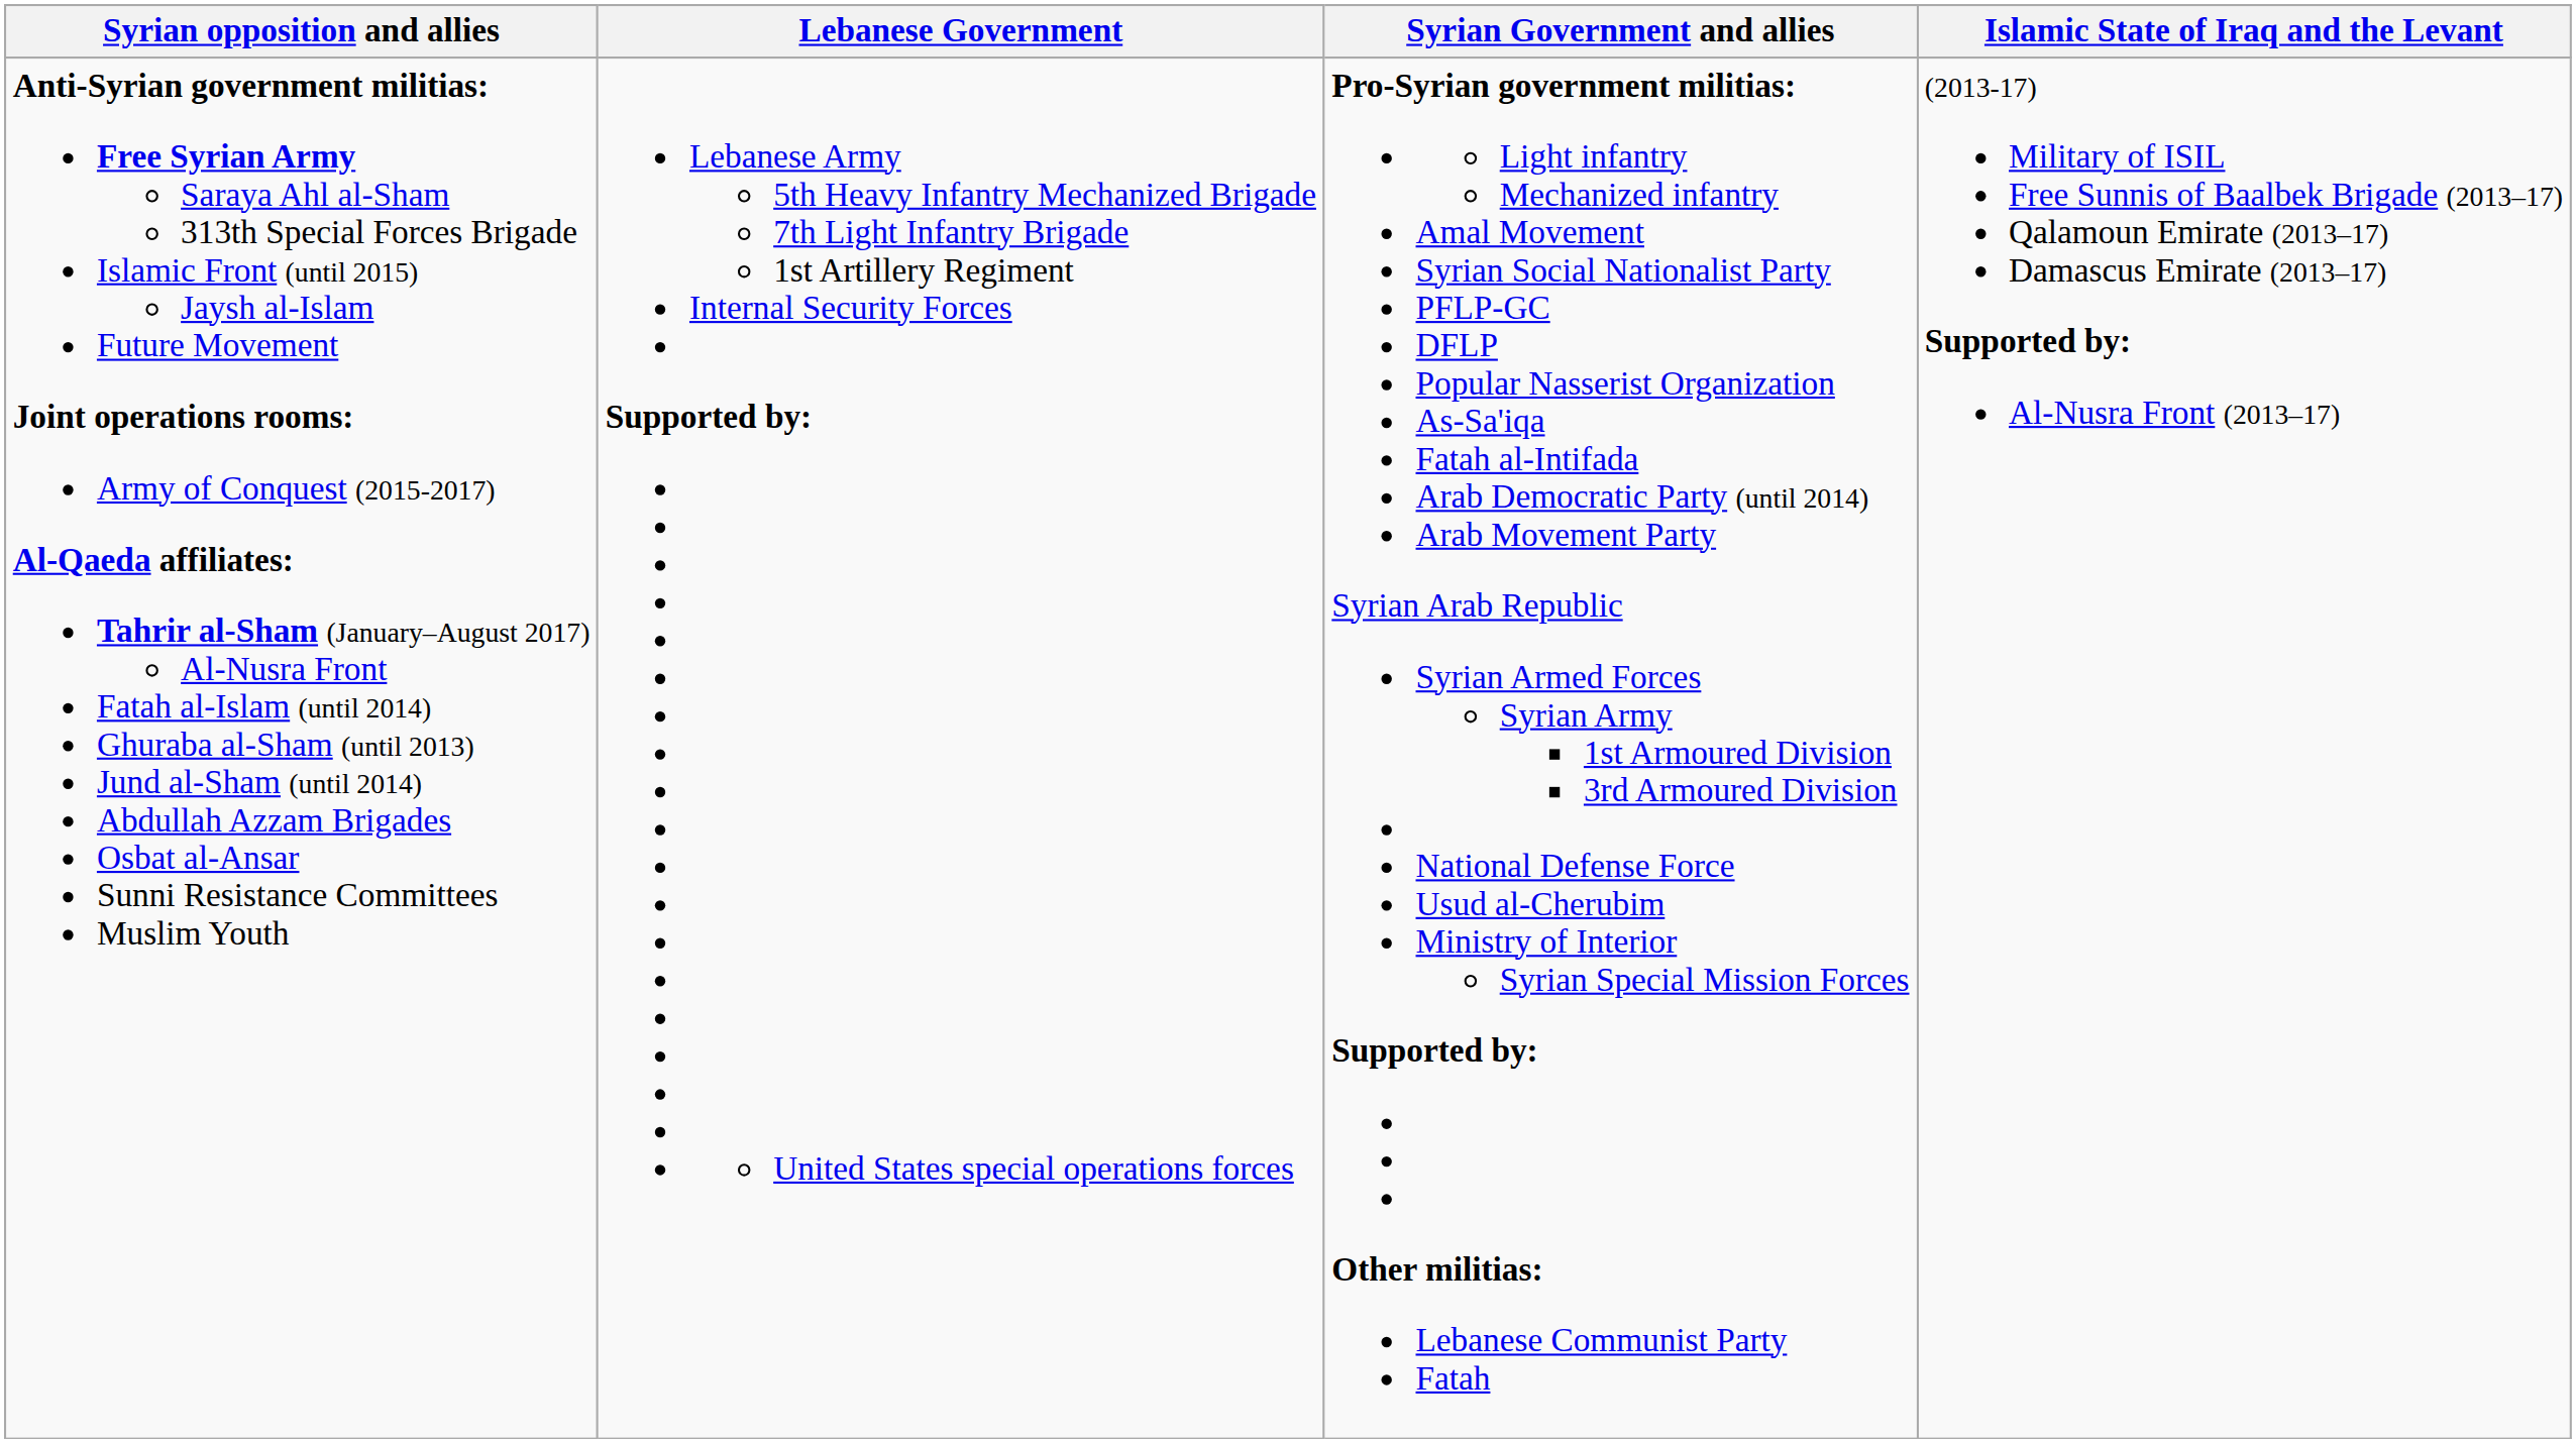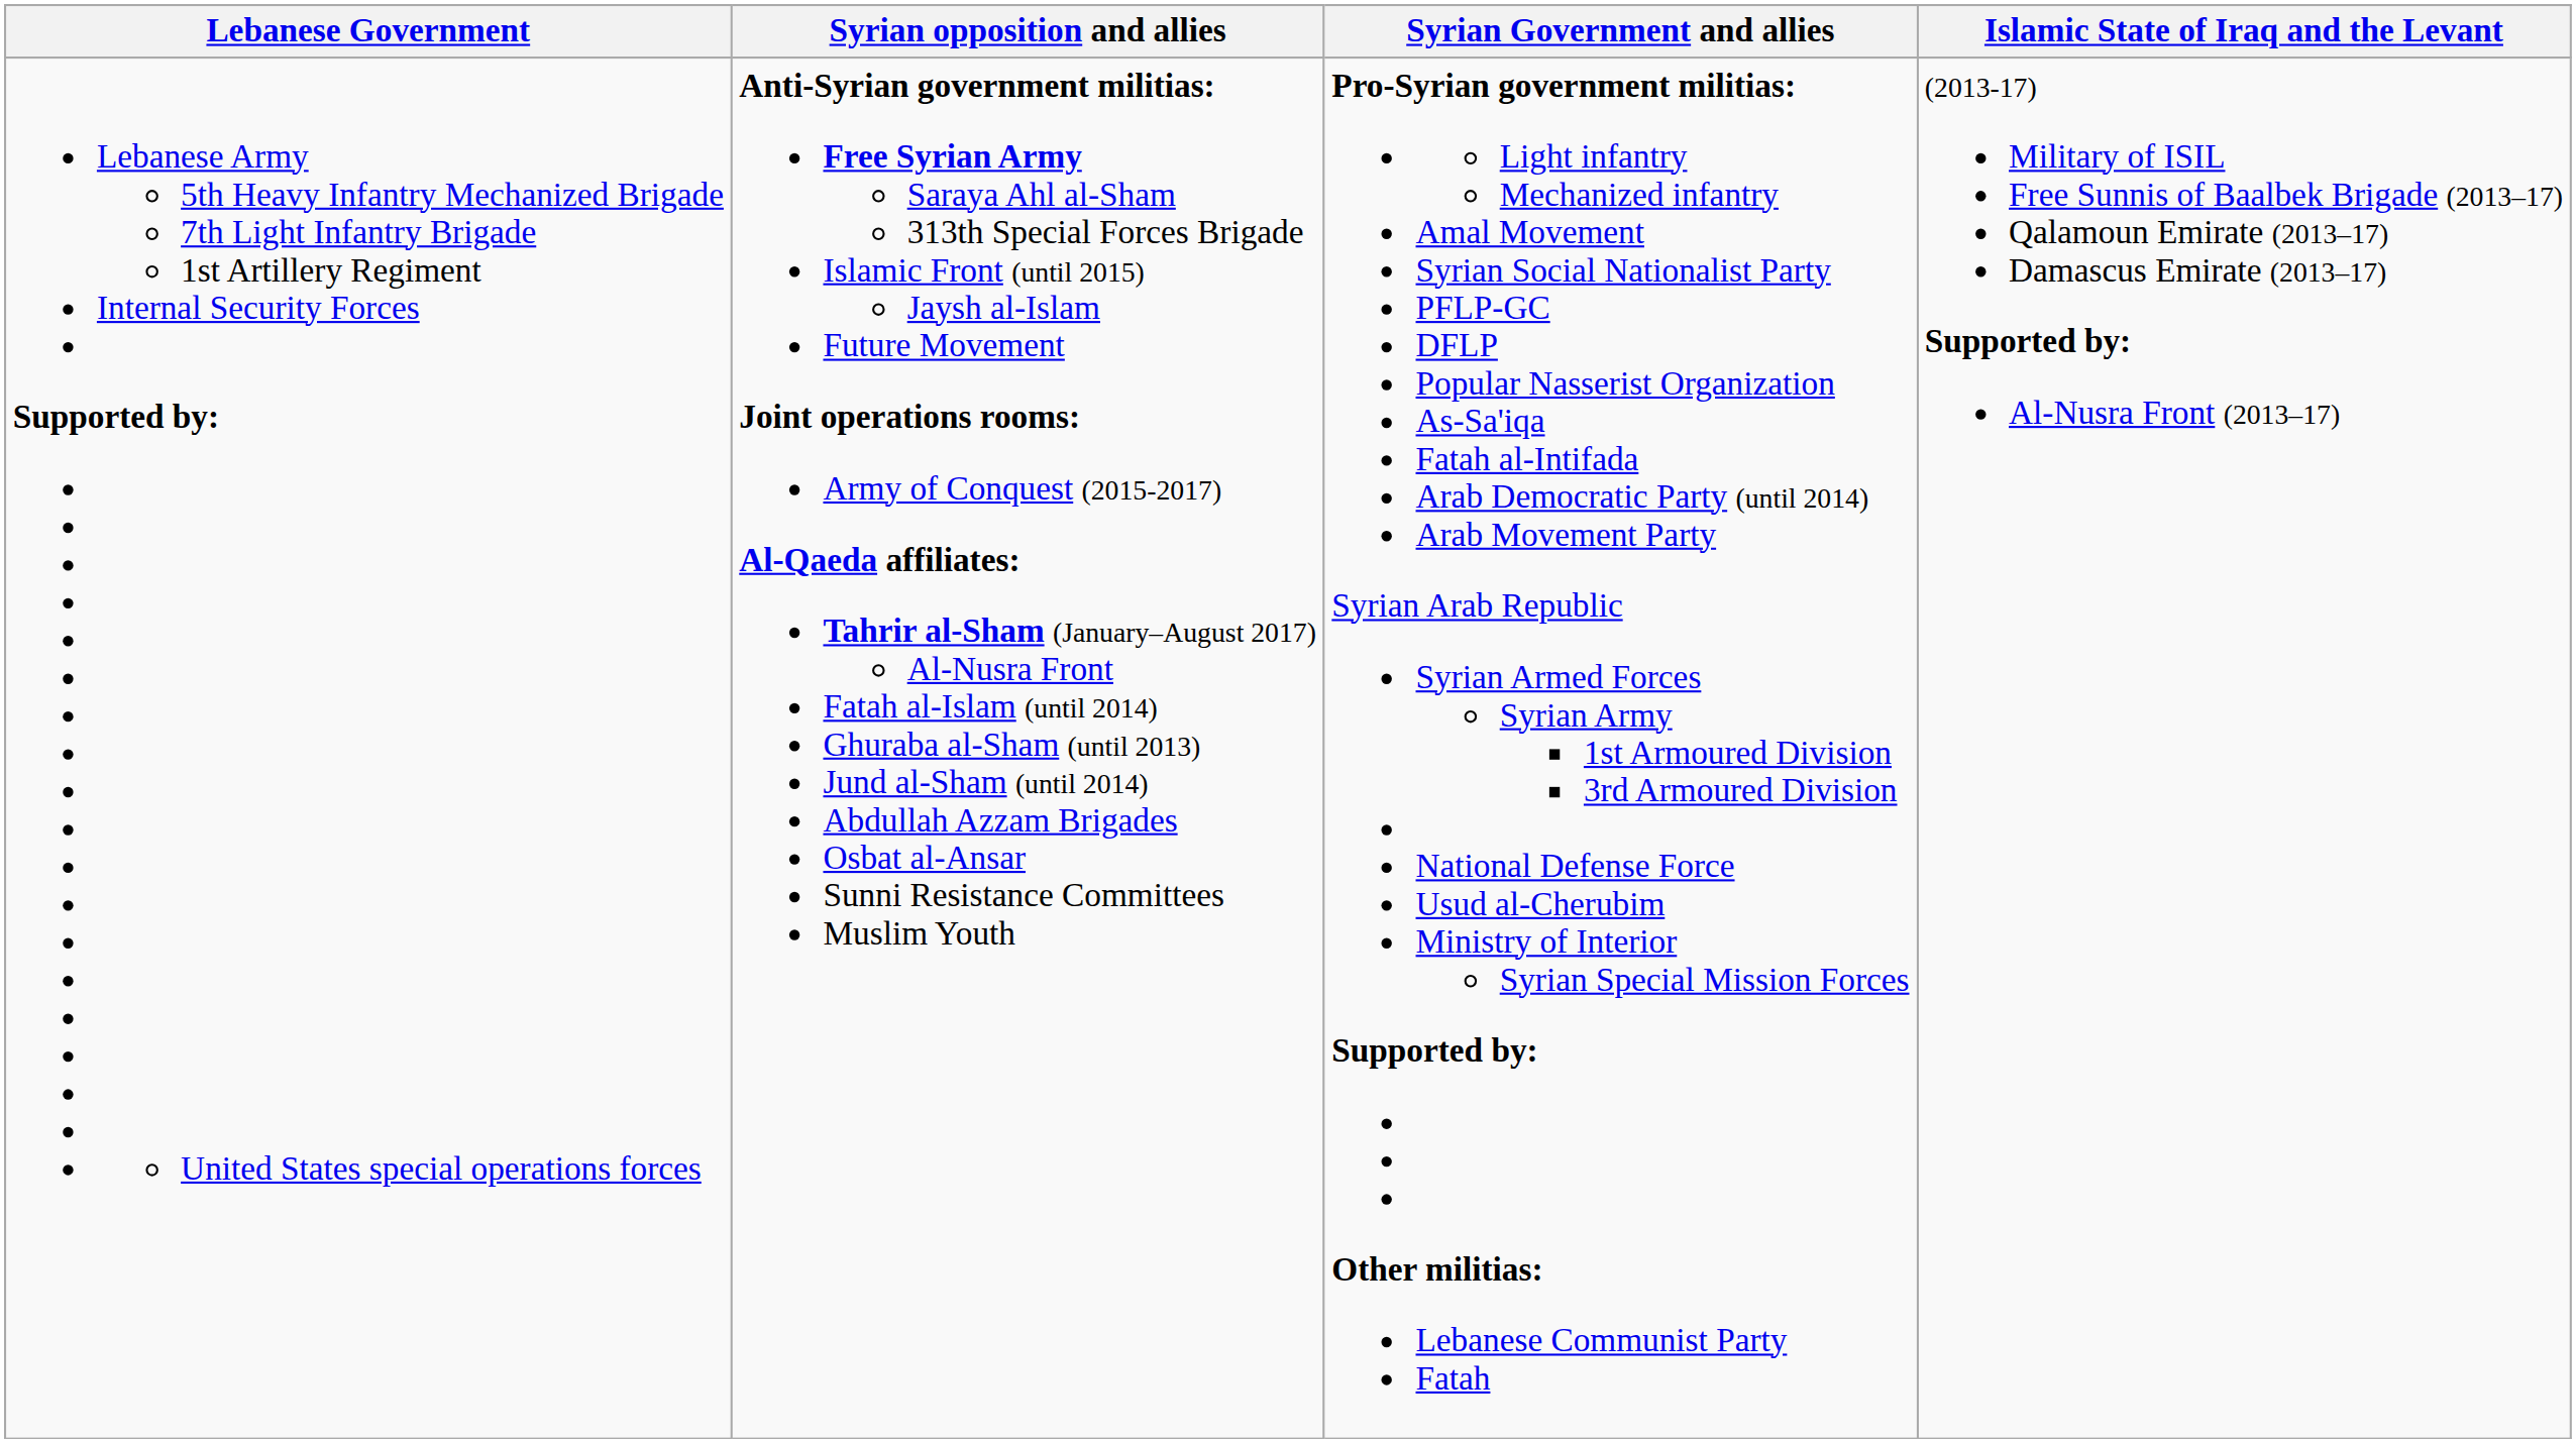 <table class="wikitable">
 <tr>
+<th> <a href='#'>Lebanese Government</a></th>
 <th> <a href='#'>Syrian opposition</a> and allies</th>
-<th> <a href='#'>Lebanese Government</a></th>
 <th> <a href='#'>Syrian Government</a> and allies</th>
 <th> <a href='#'>Islamic State of Iraq and the Levant</a></th>
 </tr>
 <tr>
+<td valign=top><br><ul><li> <a href='#'>Lebanese Army</a><ul><li><a href='#'>5th Heavy Infantry Mechanized Brigade</a></li><li><a href='#'>7th Light Infantry Brigade</a></li><li>1st Artillery Regiment</li></ul></li><li><a href='#'>Internal Security Forces</a></li><li></li></ul><strong>Supported by:</strong><ul><li></li><li></li><li></li><li></li><li></li><li></li><li></li><li></li><li></li><li></li><li></li><li></li><li></li><li></li><li></li><li></li><li></li><li></li><li><ul><li> <a href='#'>United States special operations forces</a></li></ul></li></ul></td>
 <td valign=top> <strong>Anti-Syrian government militias:</strong><br><ul><li> <strong><a href='#'>Free Syrian Army</a></strong><ul><li><a href='#'>Saraya Ahl al-Sham</a></li><li>313th Special Forces Brigade</li></ul></li><li> <a href='#'>Islamic Front</a> <small>(until 2015)</small><ul><li> <a href='#'>Jaysh al-Islam</a></li></ul></li><li> <a href='#'>Future Movement</a></li></ul><strong>Joint operations rooms:</strong><ul><li> <a href='#'>Army of Conquest</a> <small>(2015-2017)</small></li></ul> <strong><a href='#'>Al-Qaeda</a> affiliates:</strong><ul><li><strong> <a href='#'>Tahrir al-Sham</a></strong> <small>(January–August 2017)</small><ul><li> <a href='#'>Al-Nusra Front</a></li></ul></li><li> <a href='#'>Fatah al-Islam</a> <small>(until 2014)</small></li><li><a href='#'>Ghuraba al-Sham</a> <small>(until 2013)</small></li><li><a href='#'>Jund al-Sham</a> <small>(until 2014)</small></li><li><a href='#'>Abdullah Azzam Brigades</a></li><li><a href='#'>Osbat al-Ansar</a></li><li>Sunni Resistance Committees</li><li>Muslim Youth</li></ul></td>
-<td valign=top><br><ul><li> <a href='#'>Lebanese Army</a><ul><li><a href='#'>5th Heavy Infantry Mechanized Brigade</a></li><li><a href='#'>7th Light Infantry Brigade</a></li><li>1st Artillery Regiment</li></ul></li><li><a href='#'>Internal Security Forces</a></li><li></li></ul><strong>Supported by:</strong><ul><li></li><li></li><li></li><li></li><li></li><li></li><li></li><li></li><li></li><li></li><li></li><li></li><li></li><li></li><li></li><li></li><li></li><li></li><li><ul><li> <a href='#'>United States special operations forces</a></li></ul></li></ul></td>
 <td valign=top> <strong>Pro-Syrian government militias:</strong><br><ul><li><ul><li><a href='#'>Light infantry</a></li><li><a href='#'>Mechanized infantry</a></li></ul></li><li> <a href='#'>Amal Movement</a></li><li> <a href='#'>Syrian Social Nationalist Party</a></li><li> <a href='#'>PFLP-GC</a></li><li> <a href='#'>DFLP</a></li><li> <a href='#'>Popular Nasserist Organization</a></li><li> <a href='#'>As-Sa'iqa</a></li><li><a href='#'>Fatah al-Intifada</a></li><li><a href='#'>Arab Democratic Party</a> <small>(until 2014)</small></li><li><a href='#'>Arab Movement Party</a></li></ul> <a href='#'>Syrian Arab Republic</a><ul><li> <a href='#'>Syrian Armed Forces</a><ul><li> <a href='#'>Syrian Army</a><ul><li><a href='#'>1st Armoured Division</a></li><li><a href='#'>3rd Armoured Division</a></li></ul></li></ul></li><li></li><li> <a href='#'>National Defense Force</a></li><li><a href='#'>Usud al-Cherubim</a></li><li><a href='#'>Ministry of Interior</a><ul><li><a href='#'>Syrian Special Mission Forces</a></li></ul></li></ul><strong>Supported by:</strong><ul><li></li><li></li><li></li></ul><strong>Other militias:</strong><ul><li> <a href='#'>Lebanese Communist Party</a></li><li> <a href='#'>Fatah</a></li></ul></td>
 <td valign=top><strong></strong> <small>(2013-17)</small><br><ul><li><a href='#'>Military of ISIL</a></li><li><a href='#'>Free Sunnis of Baalbek Brigade</a> <small>(2013–17)</small></li><li>Qalamoun Emirate <small>(2013–17)</small></li><li>Damascus Emirate <small>(2013–17)</small></li></ul><strong>Supported by:</strong><ul><li> <a href='#'>Al-Nusra Front</a> <small>(2013–17)</small></li></ul></td>
 </tr>
 </table>
